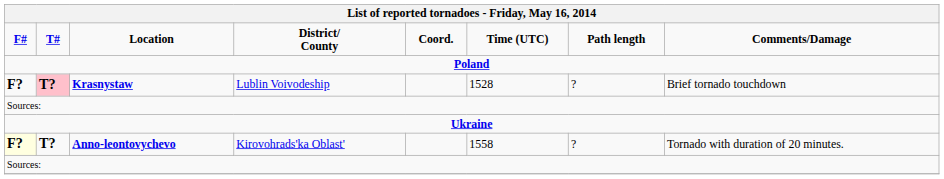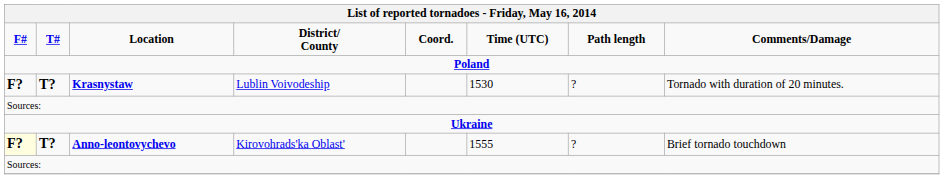 <table class="wikitable collapsible" width="100%">
 <tr>
 <th colspan="8">List of reported tornadoes - Friday, May 16, 2014</th>
 </tr>
 <tr>
 <td style="text-align: center;"><strong><a href='#'>F#</a></strong></td>
 <td style="text-align: center;"><strong><a href='#'>T#</a></strong></td>
 <td style="text-align: center;"><strong>Location</strong></td>
 <td style="text-align: center;"><strong>District/<br>County</strong></td>
 <td style="text-align: center;"><strong>Coord.</strong></td>
 <td style="text-align: center;"><strong>Time (UTC)</strong></td>
 <td style="text-align: center;"><strong>Path length</strong></td>
 <td style="text-align: center;"><strong>Comments/Damage</strong></td>
 </tr>
 <tr>
 <td colspan="8" align=center><strong><a href='#'>Poland</a></strong></td>
 </tr>
 <tr>
 <td><big><strong>F?</strong></big></td>
-<td style="background: pink;"><big><strong>T?</strong></big></td>
+<td><big><strong>T?</strong></big></td>
 <td><strong><a href='#'>Krasnystaw</a></strong></td>
 <td><a href='#'>Lublin Voivodeship</a></td>
 <td></td>
-<td>1528</td>
+<td>1530</td>
 <td>?</td>
-<td>Brief tornado touchdown</td>
+<td>Tornado with duration of 20 minutes.</td>
 </tr>
 <tr>
 <td colspan="8"><small>Sources:</small></td>
 </tr>
 <tr>
 <td colspan="8" align=center><strong><a href='#'>Ukraine</a></strong></td>
 </tr>
 <tr>
 <td style="background: lightyellow;"><big><strong>F?</strong></big></td>
 <td><big><strong>T?</strong></big></td>
 <td><strong><a href='#'>Anno-leontovychevo</a></strong></td>
 <td><a href='#'>Kirovohrads'ka Oblast'</a></td>
 <td></td>
-<td>1558</td>
+<td>1555</td>
 <td>?</td>
-<td>Tornado with duration of 20 minutes.</td>
+<td>Brief tornado touchdown</td>
 </tr>
 <tr>
 <td colspan="8"><small>Sources:</small></td>
 </tr>
 <tr>
 </tr>
 </table>
